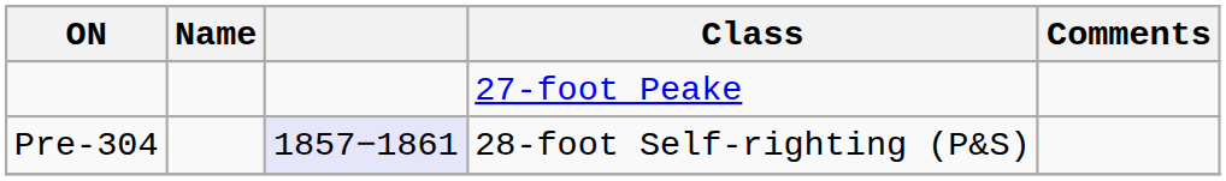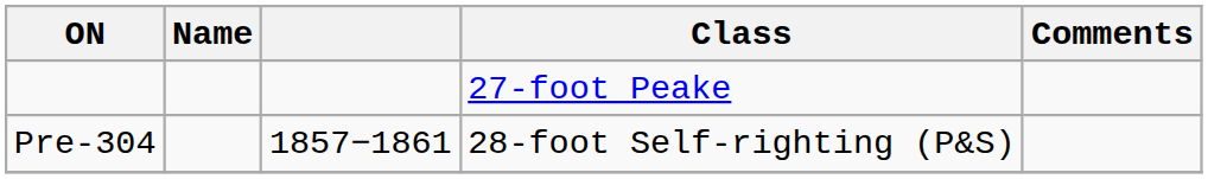 <table class="wikitable">
 <tr>
 <th>ON</th>
 <th>Name</th>
 <th></th>
 <th>Class</th>
 <th>Comments</th>
 </tr>
 <tr>
 <td></td>
 <td></td>
 <td></td>
 <td><a href='#'>27-foot Peake</a></td>
 <td></td>
 </tr>
 <tr>
 <td>Pre-304</td>
 <td></td>
-<td style="background: lavender;">1857−1861</td>
+<td>1857−1861</td>
 <td>28-foot Self-righting (P&S)</td>
 <td></td>
 </tr>
 <tr>
 </tr>
 </table>
